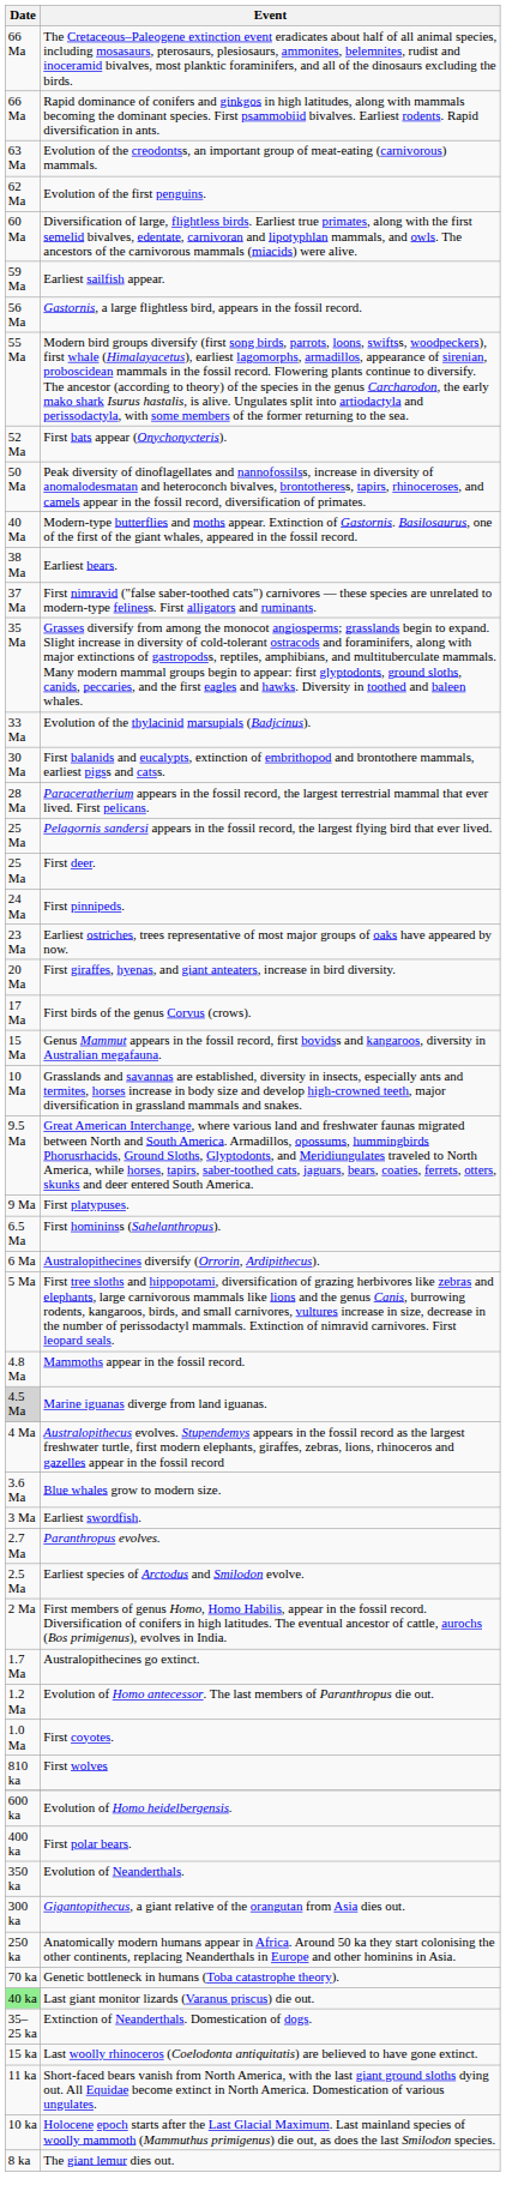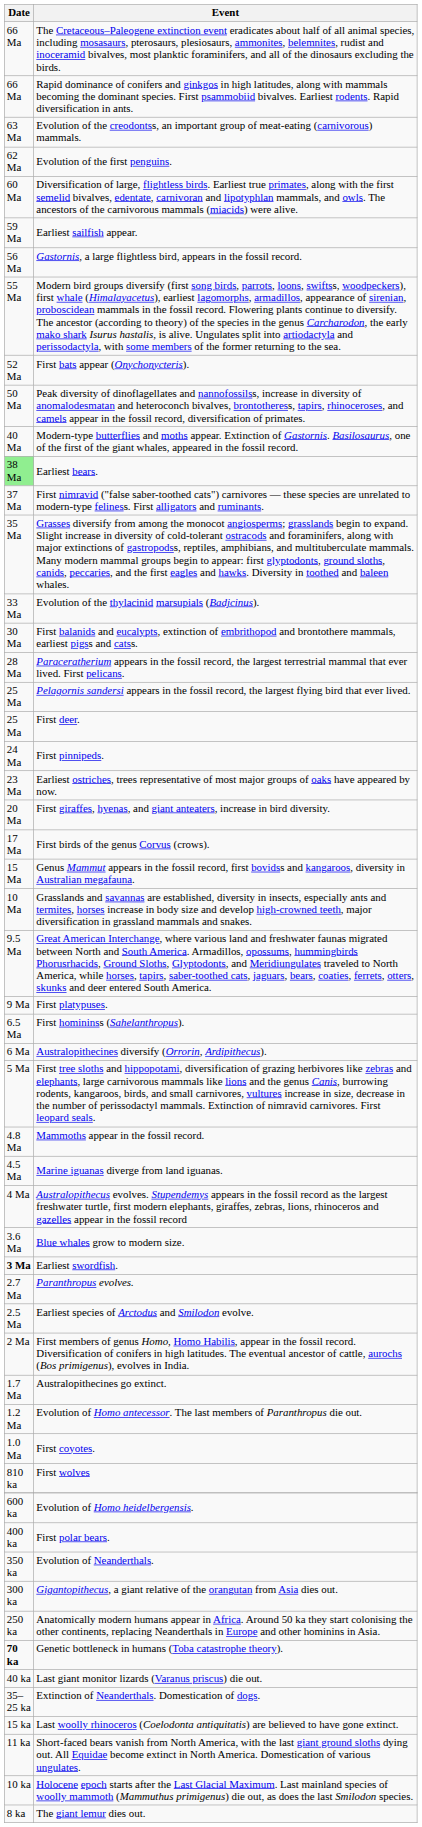 <table class="wikitable col1right">
 <tr>
 <th>Date</th>
 <th>Event</th>
 </tr>
 <tr valign="TOP">
 <td>66 Ma</td>
 <td>The <a href='#'>Cretaceous–Paleogene extinction event</a> eradicates about half of all animal species, including <a href='#'>mosasaurs</a>, pterosaurs, plesiosaurs, <a href='#'>ammonites</a>, <a href='#'>belemnites</a>, rudist and <a href='#'>inoceramid</a> bivalves, most planktic foraminifers, and all of the dinosaurs excluding the birds.</td>
 </tr>
 <tr valign="TOP">
 <td>66 Ma</td>
 <td>Rapid dominance of conifers and <a href='#'>ginkgos</a> in high latitudes, along with mammals becoming the dominant species. First <a href='#'>psammobiid</a> bivalves. Earliest <a href='#'>rodents</a>. Rapid diversification in ants.</td>
 </tr>
 <tr valign="TOP">
 <td>63 Ma</td>
 <td>Evolution of the <a href='#'>creodonts</a>s, an important group of meat-eating (<a href='#'>carnivorous</a>) mammals.</td>
 </tr>
 <tr>
 <td>62 Ma</td>
 <td>Evolution of the first <a href='#'>penguins</a>.</td>
 </tr>
 <tr valign="TOP">
 <td>60 Ma</td>
 <td>Diversification of large, <a href='#'>flightless birds</a>. Earliest true <a href='#'>primates</a>, along with the first <a href='#'>semelid</a> bivalves, <a href='#'>edentate</a>, <a href='#'>carnivoran</a> and <a href='#'>lipotyphlan</a> mammals, and <a href='#'>owls</a>. The ancestors of the carnivorous mammals (<a href='#'>miacids</a>) were alive.</td>
 </tr>
 <tr>
 <td>59 Ma</td>
 <td>Earliest <a href='#'>sailfish</a> appear.</td>
 </tr>
 <tr valign="TOP">
 <td>56 Ma</td>
 <td><em><a href='#'>Gastornis</a></em>, a large flightless bird, appears in the fossil record.</td>
 </tr>
 <tr valign="TOP">
 <td>55 Ma</td>
 <td>Modern bird groups diversify (first <a href='#'>song birds</a>, <a href='#'>parrots</a>, <a href='#'>loons</a>, <a href='#'>swifts</a>s, <a href='#'>woodpeckers</a>), first <a href='#'>whale</a> (<em><a href='#'>Himalayacetus</a></em>), earliest <a href='#'>lagomorphs</a>, <a href='#'>armadillos</a>, appearance of <a href='#'>sirenian</a>, <a href='#'>proboscidean</a> mammals in the fossil record. Flowering plants continue to diversify. The ancestor (according to theory) of the species in the genus <em><a href='#'>Carcharodon</a></em>, the early <a href='#'>mako shark</a> <em>Isurus hastalis</em>, is alive. Ungulates split into <a href='#'>artiodactyla</a> and <a href='#'>perissodactyla</a>, with <a href='#'>some members</a> of the former returning to the sea.</td>
 </tr>
 <tr valign="TOP">
 <td>52 Ma</td>
 <td>First <a href='#'>bats</a> appear (<em><a href='#'>Onychonycteris</a></em>).</td>
 </tr>
 <tr valign="TOP">
 <td>50 Ma</td>
 <td>Peak diversity of dinoflagellates and <a href='#'>nannofossils</a>s, increase in diversity of <a href='#'>anomalodesmatan</a> and heteroconch bivalves, <a href='#'>brontotheres</a>s, <a href='#'>tapirs</a>, <a href='#'>rhinoceroses</a>, and <a href='#'>camels</a> appear in the fossil record, diversification of primates.</td>
 </tr>
 <tr valign="TOP">
 <td>40 Ma</td>
 <td>Modern-type <a href='#'>butterflies</a> and <a href='#'>moths</a> appear. Extinction of <em><a href='#'>Gastornis</a></em>. <em><a href='#'>Basilosaurus</a></em>, one of the first of the giant whales, appeared in the fossil record.</td>
 </tr>
 <tr>
-<td>38 Ma</td>
+<td style="background: lightgreen;">38 Ma</td>
 <td>Earliest <a href='#'>bears</a>.</td>
 </tr>
 <tr valign="TOP">
 <td>37 Ma</td>
 <td>First <a href='#'>nimravid</a> ("false saber-toothed cats") carnivores — these species are unrelated to modern-type <a href='#'>felines</a>s. First <a href='#'>alligators</a> and <a href='#'>ruminants</a>.</td>
 </tr>
 <tr valign="TOP">
 <td>35 Ma</td>
 <td><a href='#'>Grasses</a> diversify from among the monocot <a href='#'>angiosperms</a>; <a href='#'>grasslands</a> begin to expand. Slight increase in diversity of cold-tolerant <a href='#'>ostracods</a> and foraminifers, along with major extinctions of <a href='#'>gastropods</a>s, reptiles, amphibians, and multituberculate mammals. Many modern mammal groups begin to appear: first <a href='#'>glyptodonts</a>, <a href='#'>ground sloths</a>, <a href='#'>canids</a>, <a href='#'>peccaries</a>, and the first <a href='#'>eagles</a> and <a href='#'>hawks</a>. Diversity in <a href='#'>toothed</a> and <a href='#'>baleen</a> whales.</td>
 </tr>
 <tr valign="TOP">
 <td>33 Ma</td>
 <td>Evolution of the <a href='#'>thylacinid</a> <a href='#'>marsupials</a> (<em><a href='#'>Badjcinus</a></em>).</td>
 </tr>
 <tr valign="TOP">
 <td>30 Ma</td>
 <td>First <a href='#'>balanids</a> and <a href='#'>eucalypts</a>, extinction of <a href='#'>embrithopod</a> and brontothere mammals, earliest <a href='#'>pigs</a>s and <a href='#'>cats</a>s.</td>
 </tr>
 <tr valign="TOP">
 <td>28 Ma</td>
 <td><em><a href='#'>Paraceratherium</a></em> appears in the fossil record, the largest terrestrial mammal that ever lived. First <a href='#'>pelicans</a>.</td>
 </tr>
 <tr valign="TOP">
 <td>25 Ma</td>
 <td><em><a href='#'>Pelagornis sandersi</a></em> appears in the fossil record, the largest flying bird that ever lived.</td>
 </tr>
 <tr valign="TOP">
 <td>25 Ma</td>
 <td>First <a href='#'>deer</a>.</td>
 </tr>
 <tr>
 <td>24 Ma</td>
 <td>First <a href='#'>pinnipeds</a>.</td>
 </tr>
 <tr>
 <td>23 Ma</td>
 <td>Earliest <a href='#'>ostriches</a>, trees representative of most major groups of <a href='#'>oaks</a> have appeared by now.</td>
 </tr>
 <tr valign="TOP">
 <td>20 Ma</td>
 <td>First <a href='#'>giraffes</a>, <a href='#'>hyenas</a>, and <a href='#'>giant anteaters</a>, increase in bird diversity.</td>
 </tr>
 <tr>
 <td>17 Ma</td>
 <td>First birds of the genus <a href='#'>Corvus</a> (crows).</td>
 </tr>
 <tr valign="TOP">
 <td>15 Ma</td>
 <td>Genus <em><a href='#'>Mammut</a></em> appears in the fossil record, first <a href='#'>bovids</a>s and <a href='#'>kangaroos</a>, diversity in <a href='#'>Australian megafauna</a>.</td>
 </tr>
 <tr valign="TOP">
 <td>10 Ma</td>
 <td>Grasslands and <a href='#'>savannas</a> are established, diversity in insects, especially ants and <a href='#'>termites</a>, <a href='#'>horses</a> increase in body size and develop <a href='#'>high-crowned teeth</a>, major diversification in grassland mammals and snakes.</td>
 </tr>
 <tr valign="TOP">
 <td>9.5 Ma<br></td>
 <td><a href='#'>Great American Interchange</a>, where various land and freshwater faunas migrated between North and <a href='#'>South America</a>. Armadillos, <a href='#'>opossums</a>, <a href='#'>hummingbirds</a> <a href='#'>Phorusrhacids</a>, <a href='#'>Ground Sloths</a>, <a href='#'>Glyptodonts</a>, and <a href='#'>Meridiungulates</a> traveled to North America, while <a href='#'>horses</a>, <a href='#'>tapirs</a>, <a href='#'>saber-toothed cats</a>, <a href='#'>jaguars</a>, <a href='#'>bears</a>, <a href='#'>coaties</a>, <a href='#'>ferrets</a>, <a href='#'>otters</a>, <a href='#'>skunks</a> and deer entered South America.</td>
 </tr>
 <tr>
 <td>9 Ma</td>
 <td>First <a href='#'>platypuses</a>.</td>
 </tr>
 <tr valign="TOP">
 <td>6.5 Ma</td>
 <td>First <a href='#'>hominins</a>s (<em><a href='#'>Sahelanthropus</a></em>).</td>
 </tr>
 <tr valign="TOP">
 <td>6 Ma</td>
 <td><a href='#'>Australopithecines</a> diversify (<em><a href='#'>Orrorin</a></em>, <em><a href='#'>Ardipithecus</a></em>).</td>
 </tr>
 <tr valign="TOP">
 <td>5 Ma</td>
 <td>First <a href='#'>tree sloths</a> and <a href='#'>hippopotami</a>, diversification of grazing herbivores like <a href='#'>zebras</a> and <a href='#'>elephants</a>, large carnivorous mammals like <a href='#'>lions</a> and the genus <em><a href='#'>Canis</a></em>, burrowing rodents, kangaroos, birds, and small carnivores, <a href='#'>vultures</a> increase in size, decrease in the number of perissodactyl mammals. Extinction of nimravid carnivores. First <a href='#'>leopard seals</a>.</td>
 </tr>
 <tr valign="TOP">
 <td>4.8 Ma</td>
 <td><a href='#'>Mammoths</a> appear in the fossil record.</td>
 </tr>
 <tr>
-<td style="background: lightgrey;">4.5 Ma</td>
+<td>4.5 Ma</td>
 <td><a href='#'>Marine iguanas</a> diverge from land iguanas.</td>
 </tr>
 <tr valign="TOP">
 <td>4 Ma</td>
 <td><em><a href='#'>Australopithecus</a></em> evolves. <em><a href='#'>Stupendemys</a></em> appears in the fossil record as the largest freshwater turtle, first modern elephants, giraffes, zebras, lions, rhinoceros and <a href='#'>gazelles</a> appear in the fossil record</td>
 </tr>
 <tr>
 <td>3.6 Ma</td>
 <td><a href='#'>Blue whales</a> grow to modern size.</td>
 </tr>
 <tr>
-<td>3 Ma</td>
+<td><strong>3 Ma</strong></td>
 <td>Earliest <a href='#'>swordfish</a>.</td>
 </tr>
 <tr valign="TOP">
 <td>2.7 Ma</td>
 <td><em><a href='#'>Paranthropus</a> evolves.</em></td>
 </tr>
 <tr valign="TOP">
 <td>2.5 Ma</td>
 <td>Earliest species of <em><a href='#'>Arctodus</a></em> and <em><a href='#'>Smilodon</a></em> evolve.</td>
 </tr>
 <tr valign="TOP">
 <td>2 Ma</td>
 <td>First members of genus <em>Homo</em>, <a href='#'>Homo Habilis</a>, appear in the fossil record. Diversification of conifers in high latitudes. The eventual ancestor of cattle, <a href='#'>aurochs</a> (<em>Bos primigenus</em>), evolves in India.</td>
 </tr>
 <tr valign="TOP">
 <td>1.7 Ma</td>
 <td>Australopithecines go extinct.</td>
 </tr>
 <tr valign="TOP">
 <td>1.2 Ma</td>
 <td>Evolution of <em><a href='#'>Homo antecessor</a></em>. The last members of <em>Paranthropus</em> die out.</td>
 </tr>
 <tr>
 <td>1.0 Ma</td>
 <td>First <a href='#'>coyotes</a>.</td>
 </tr>
 <tr valign="TOP">
 <td>810 ka</td>
 <td>First <a href='#'>wolves</a></td>
 </tr>
 <tr valign="TOP">
 </tr>
 <tr>
 <td>600 ka</td>
 <td>Evolution of <em><a href='#'>Homo heidelbergensis</a>.</em></td>
 </tr>
 <tr>
 <td>400 ka</td>
 <td>First <a href='#'>polar bears</a>.</td>
 </tr>
 <tr valign="TOP">
 <td>350 ka</td>
 <td>Evolution of <a href='#'>Neanderthals</a>.</td>
 </tr>
 <tr valign="TOP">
 <td>300 ka</td>
 <td><em><a href='#'>Gigantopithecus</a></em>, a giant relative of the <a href='#'>orangutan</a> from <a href='#'>Asia</a> dies out.</td>
 </tr>
 <tr valign="TOP">
 <td>250 ka</td>
 <td>Anatomically modern humans appear in <a href='#'>Africa</a>. Around 50 ka they start colonising the other continents, replacing Neanderthals in <a href='#'>Europe</a> and other hominins in Asia.</td>
 </tr>
 <tr valign="TOP">
-<td>70 ka</td>
+<td><strong>70 ka</strong></td>
 <td>Genetic bottleneck in humans (<a href='#'>Toba catastrophe theory</a>).</td>
 </tr>
 <tr valign="TOP">
-<td style="background: lightgreen;">40 ka</td>
+<td>40 ka</td>
 <td>Last giant monitor lizards (<a href='#'>Varanus priscus</a>) die out.</td>
 </tr>
 <tr valign="TOP">
 <td>35–25 ka</td>
 <td>Extinction of <a href='#'>Neanderthals</a>. Domestication of <a href='#'>dogs</a>.</td>
 </tr>
 <tr valign="TOP">
 <td>15 ka</td>
 <td>Last <a href='#'>woolly rhinoceros</a> (<em>Coelodonta antiquitatis</em>) are believed to have gone extinct.</td>
 </tr>
 <tr valign="TOP">
 <td>11 ka</td>
 <td>Short-faced bears vanish from North America, with the last <a href='#'>giant ground sloths</a> dying out. All <a href='#'>Equidae</a> become extinct in North America. Domestication of various <a href='#'>ungulates</a>.</td>
 </tr>
 <tr valign="TOP">
 <td>10 ka</td>
 <td><a href='#'>Holocene</a> <a href='#'>epoch</a> starts after the <a href='#'>Last Glacial Maximum</a>. Last mainland species of <a href='#'>woolly mammoth</a> (<em>Mammuthus primigenus</em>) die out, as does the last <em>Smilodon</em> species.</td>
 </tr>
 <tr valign="TOP">
 <td>8 ka</td>
 <td>The <a href='#'>giant lemur</a> dies out.</td>
 </tr>
 </table>
